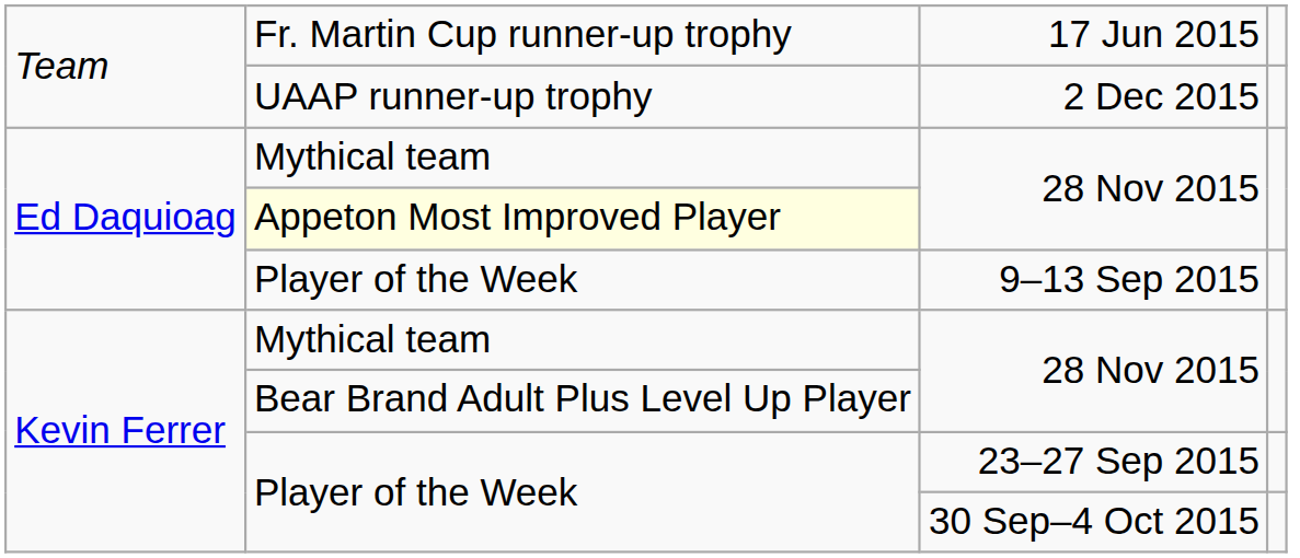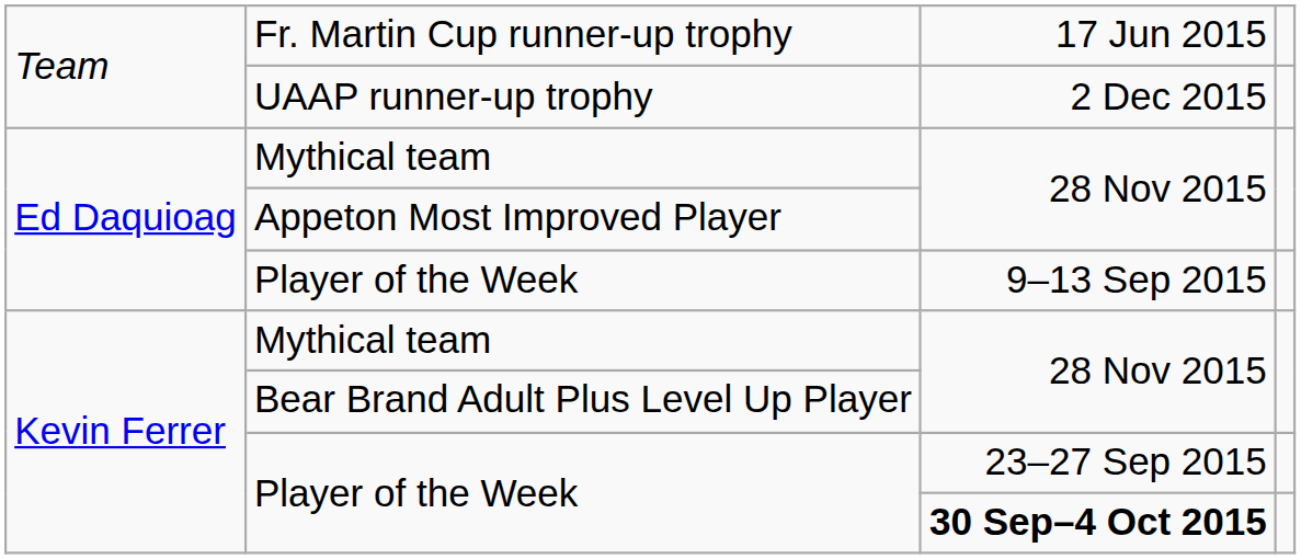 <table class=wikitable>
 <tr>
 <td rowspan=2><em>Team</em></td>
 <td>Fr. Martin Cup runner-up trophy</td>
 <td align=right>17 Jun 2015</td>
 <td align=center></td>
 </tr>
 <tr>
 <td>UAAP runner-up trophy</td>
 <td align=right>2 Dec 2015</td>
 <td align=center></td>
 </tr>
 <tr>
 <td rowspan=3><a href='#'>Ed Daquioag</a></td>
 <td>Mythical team</td>
 <td align=right rowspan=2>28 Nov 2015</td>
 <td align=center rowspan=2></td>
 </tr>
 <tr>
-<td style="background: lightyellow;">Appeton Most Improved Player</td>
+<td>Appeton Most Improved Player</td>
 </tr>
 <tr>
 <td>Player of the Week</td>
 <td align=right>9–13 Sep 2015</td>
 <td align=center></td>
 </tr>
 <tr>
 <td rowspan=4><a href='#'>Kevin Ferrer</a></td>
 <td>Mythical team</td>
 <td align=right rowspan=2>28 Nov 2015</td>
 <td align=center rowspan=2></td>
 </tr>
 <tr>
 <td>Bear Brand Adult Plus Level Up Player</td>
 </tr>
 <tr>
 <td rowspan=2>Player of the Week</td>
 <td align=right>23–27 Sep 2015</td>
 <td align=center></td>
 </tr>
 <tr>
-<td align=right>30 Sep–4 Oct 2015</td>
+<td align=right><strong>30 Sep–4 Oct 2015</strong></td>
 <td align=center></td>
 </tr>
 </table>
